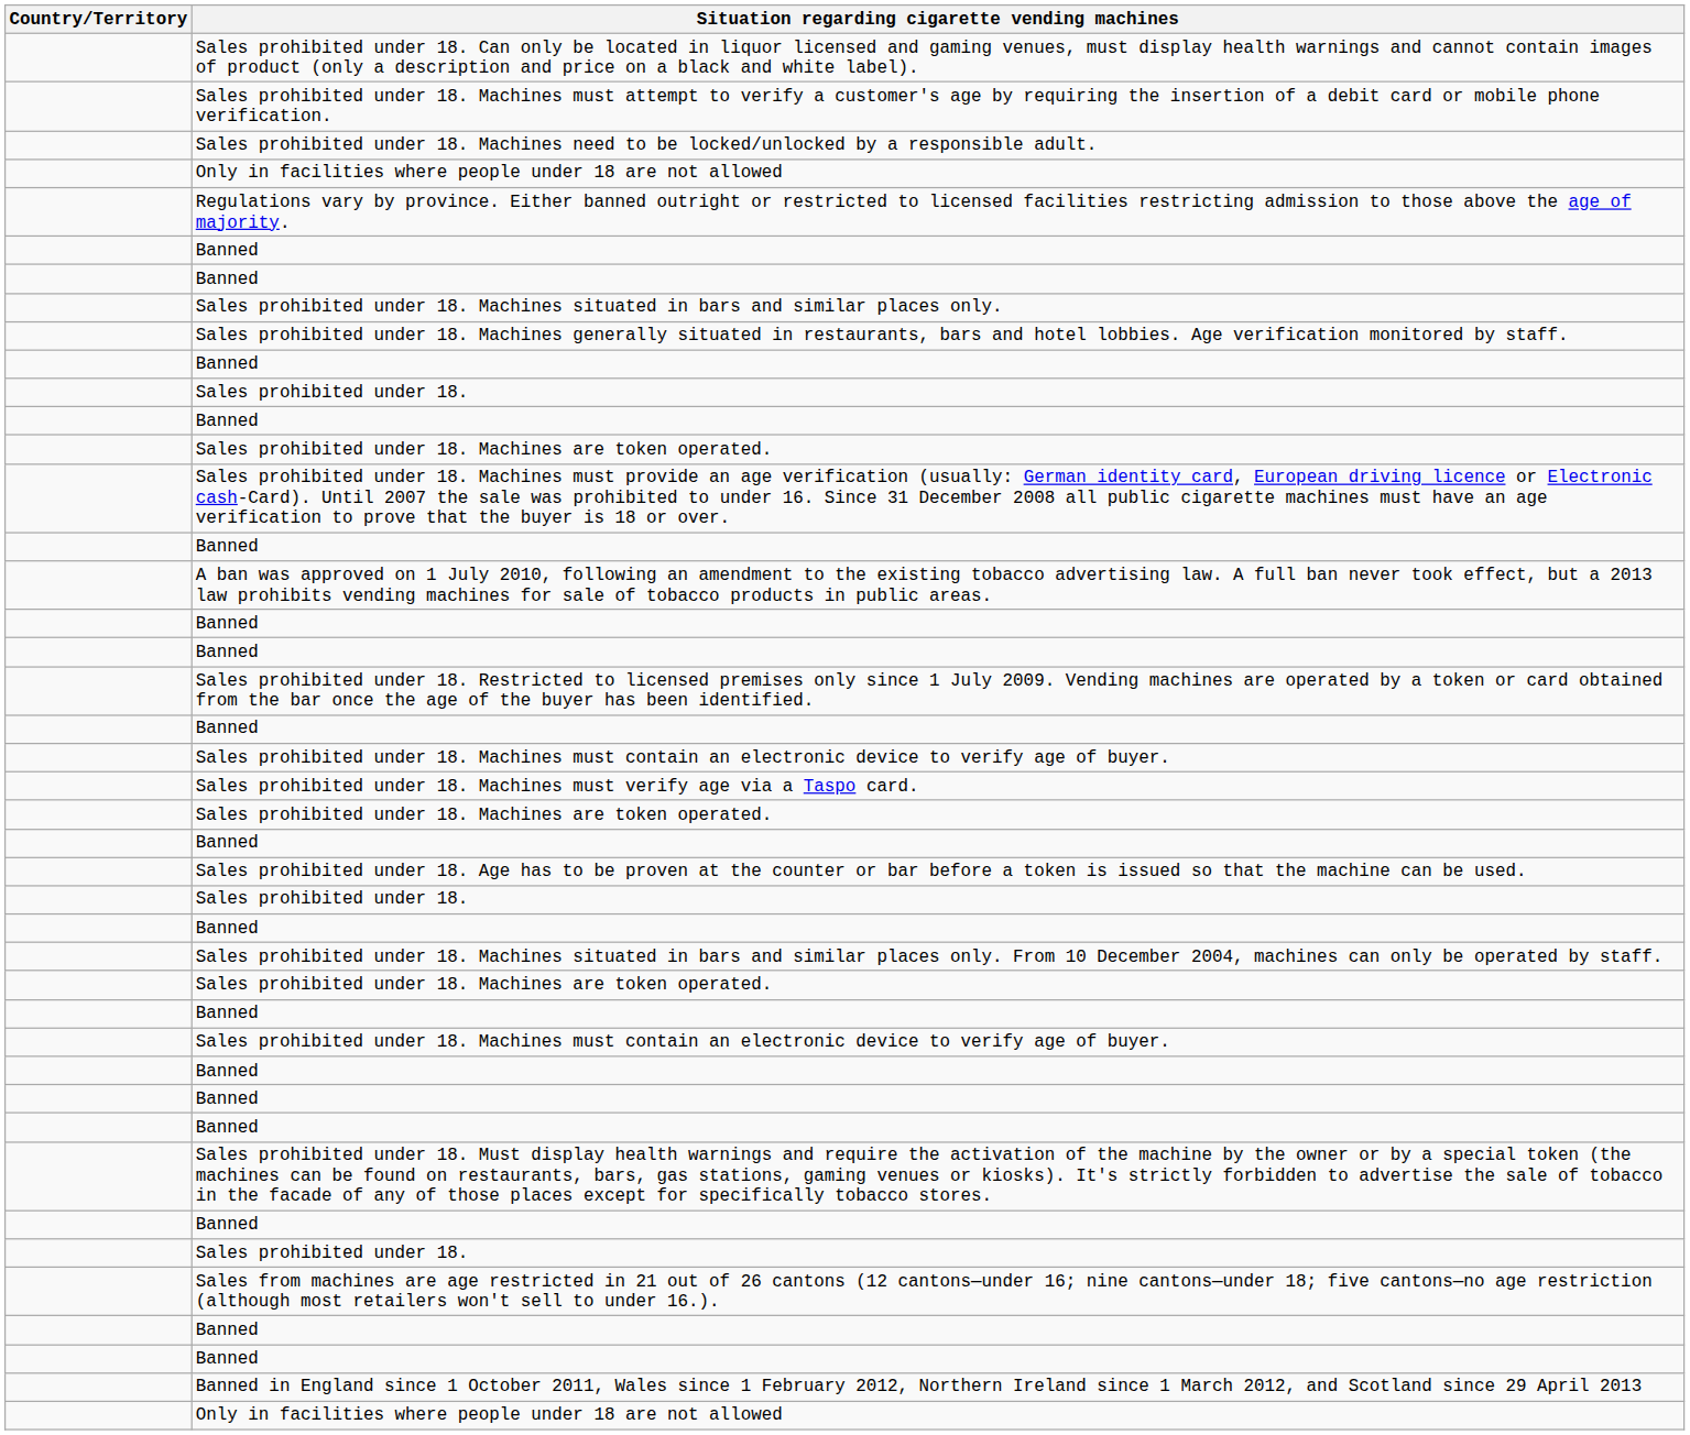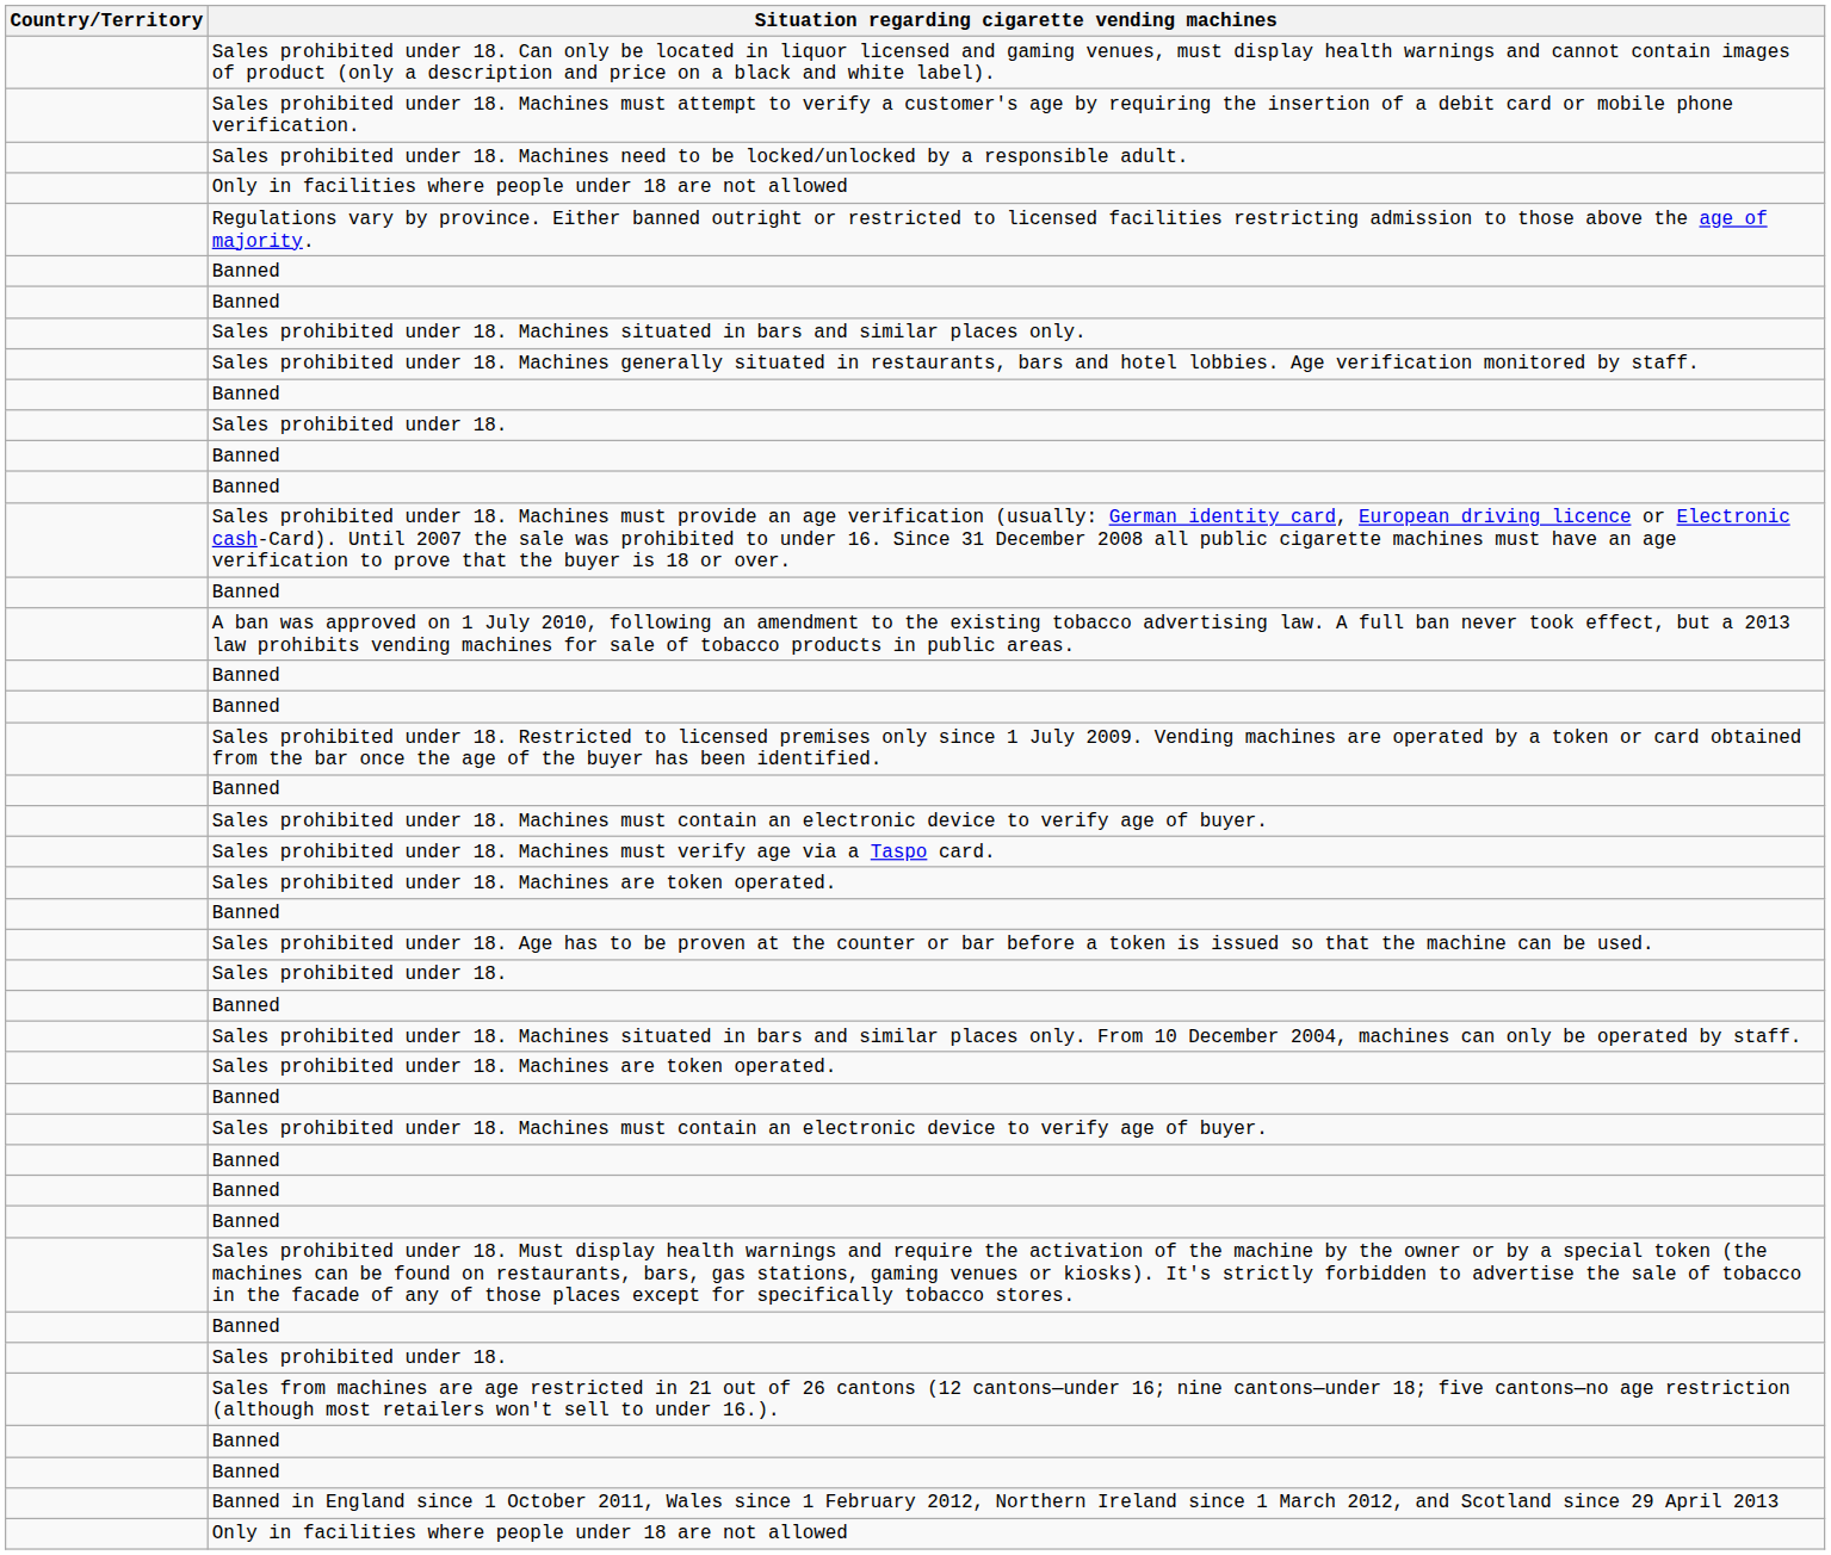 <table class="wikitable">
 <tr>
 <th>Country/Territory</th>
 <th>Situation regarding cigarette vending machines</th>
 </tr>
 <tr>
 <td valign=top><span></span><strong></strong></td>
 <td>Sales prohibited under 18. Can only be located in liquor licensed and gaming venues, must display health warnings and cannot contain images of product (only a description and price on a black and white label).</td>
 </tr>
 <tr>
 <td valign=top><span></span><strong></strong></td>
 <td>Sales prohibited under 18. Machines must attempt to verify a customer's age by requiring the insertion of a debit card or mobile phone verification.</td>
 </tr>
 <tr>
 <td valign=top><span></span><strong></strong></td>
 <td>Sales prohibited under 18. Machines need to be locked/unlocked by a responsible adult.</td>
 </tr>
 <tr>
 <td valign=top><span></span><strong></strong></td>
 <td>Only in facilities where people under 18 are not allowed</td>
 </tr>
 <tr>
 <td valign=top><span></span><strong></strong></td>
 <td>Regulations vary by province. Either banned outright or restricted to licensed facilities restricting admission to those above the <a href='#'>age of majority</a>.</td>
 </tr>
 <tr>
 <td valign=top><span></span><strong></strong></td>
 <td>Banned</td>
 </tr>
 <tr>
 <td valign=top><span></span><strong></strong></td>
 <td>Banned</td>
 </tr>
 <tr>
 <td valign=top><span></span><strong></strong></td>
 <td>Sales prohibited under 18. Machines situated in bars and similar places only.</td>
 </tr>
 <tr>
 <td valign=top><span></span><strong></strong></td>
 <td>Sales prohibited under 18. Machines generally situated in restaurants, bars and hotel lobbies. Age verification monitored by staff.</td>
 </tr>
 <tr>
 <td valign=top><span></span><strong></strong></td>
 <td>Banned</td>
 </tr>
 <tr>
 <td valign=top><span></span><strong></strong></td>
 <td>Sales prohibited under 18.</td>
 </tr>
 <tr>
 <td valign=top><span></span><strong></strong></td>
 <td>Banned</td>
 </tr>
 <tr>
 <td valign=top><span></span><strong></strong></td>
-<td>Sales prohibited under 18. Machines are token operated.</td>
+<td>Banned</td>
 </tr>
 <tr>
 <td valign=top><span></span><strong></strong></td>
 <td>Sales prohibited under 18. Machines must provide an age verification (usually: <a href='#'>German identity card</a>, <a href='#'>European driving licence</a> or <a href='#'>Electronic cash</a>-Card). Until 2007 the sale was prohibited to under 16. Since 31 December 2008 all public cigarette machines must have an age verification to prove that the buyer is 18 or over.</td>
 </tr>
 <tr>
 <td valign=top><span></span><strong></strong></td>
 <td>Banned</td>
 </tr>
 <tr>
 <td valign=top><span></span><strong></strong></td>
 <td>A ban was approved on 1 July 2010, following an amendment to the existing tobacco advertising law. A full ban never took effect, but a 2013 law prohibits vending machines for sale of tobacco products in public areas.</td>
 </tr>
 <tr>
 <td valign=top><span></span><strong></strong></td>
 <td>Banned</td>
 </tr>
 <tr>
 <td valign=top><span></span><strong></strong></td>
 <td>Banned</td>
 </tr>
 <tr>
 <td valign=top><span></span><strong></strong></td>
 <td>Sales prohibited under 18. Restricted to licensed premises only since 1 July 2009. Vending machines are operated by a token or card obtained from the bar once the age of the buyer has been identified.</td>
 </tr>
 <tr>
 <td valign=top><span></span><strong></strong></td>
 <td>Banned</td>
 </tr>
 <tr>
 <td valign=top><span></span><strong></strong></td>
 <td>Sales prohibited under 18. Machines must contain an electronic device to verify age of buyer.</td>
 </tr>
 <tr>
 <td valign=top><span></span><strong></strong></td>
 <td>Sales prohibited under 18.  Machines must verify age via a <a href='#'>Taspo</a> card.</td>
 </tr>
 <tr>
 <td valign=top><span></span><strong></strong></td>
 <td>Sales prohibited under 18. Machines are token operated.</td>
 </tr>
 <tr>
 <td valign=top><span></span><strong></strong></td>
 <td>Banned</td>
 </tr>
 <tr>
 <td valign=top><span></span><strong></strong></td>
 <td>Sales prohibited under 18. Age has to be proven at the counter or bar before a token is issued so that the machine can be used.</td>
 </tr>
 <tr>
 <td valign=top><span></span><strong></strong></td>
 <td>Sales prohibited under 18.</td>
 </tr>
 <tr>
 <td valign=top><span></span><strong></strong></td>
 <td>Banned</td>
 </tr>
 <tr>
 <td valign=top><span></span><strong></strong></td>
 <td>Sales prohibited under 18. Machines situated in bars and similar places only. From 10 December 2004, machines can only be operated by staff.</td>
 </tr>
 <tr>
 <td valign=top><span></span><strong></strong></td>
 <td>Sales prohibited under 18. Machines are token operated.</td>
 </tr>
 <tr>
 <td valign=top><span></span><strong></strong></td>
 <td>Banned</td>
 </tr>
 <tr>
 <td valign=top><span></span><strong></strong></td>
 <td>Sales prohibited under 18. Machines must contain an electronic device to verify age of buyer.</td>
 </tr>
 <tr>
 <td valign=top><span></span><strong></strong></td>
 <td>Banned</td>
 </tr>
 <tr>
 <td valign=top><span></span><strong></strong></td>
 <td>Banned</td>
 </tr>
 <tr>
 <td valign=top><span></span><strong></strong></td>
 <td>Banned</td>
 </tr>
 <tr>
 <td valign=top><span></span><strong></strong></td>
 <td>Sales prohibited under 18. Must display health warnings and require the activation of the machine by the owner or by a special token (the machines can be found on restaurants, bars, gas stations, gaming venues or kiosks). It's strictly forbidden to advertise the sale of tobacco in the facade of any of those places except for specifically tobacco stores.</td>
 </tr>
 <tr>
 <td valign=top><span></span><strong></strong></td>
 <td>Banned</td>
 </tr>
 <tr>
 <td valign=top><span></span><strong></strong></td>
 <td>Sales prohibited under 18.</td>
 </tr>
 <tr>
 <td valign=top><span></span><strong></strong></td>
 <td>Sales from machines are age restricted in 21 out of 26 cantons (12 cantons—under 16; nine cantons—under 18; five cantons—no age restriction (although most retailers won't sell to under 16.).</td>
 </tr>
 <tr>
 <td><strong></strong></td>
 <td>Banned</td>
 </tr>
 <tr>
 <td valign=top><span></span><strong></strong></td>
 <td>Banned</td>
 </tr>
 <tr>
 <td valign=top><span></span><strong></strong></td>
 <td>Banned in England since 1 October 2011, Wales since 1 February 2012, Northern Ireland since 1 March 2012, and Scotland since 29 April 2013</td>
 </tr>
 <tr>
 <td valign=top><span></span><strong></strong></td>
 <td>Only in facilities where people under 18 are not allowed</td>
 </tr>
 </table>
